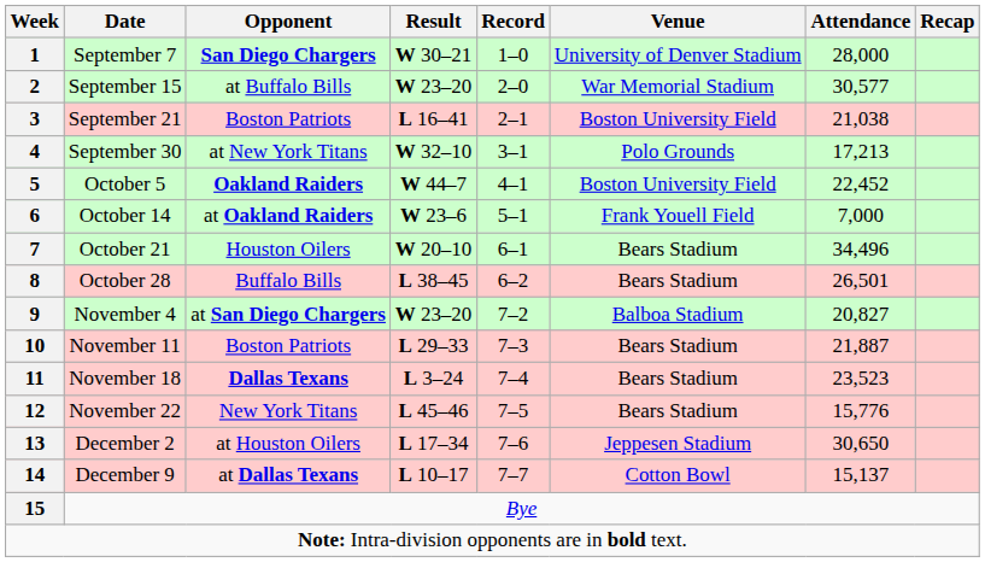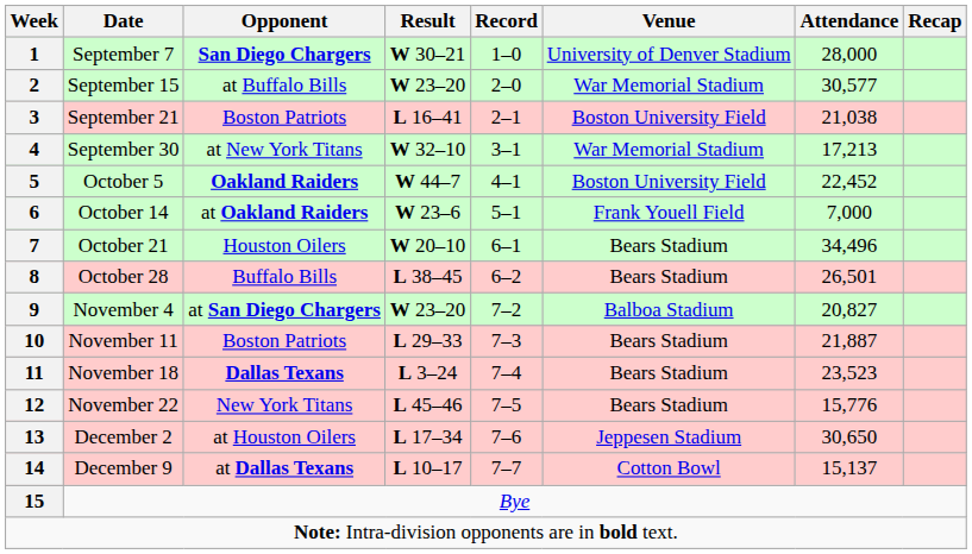 <table class="wikitable" style="text-align:center">
 <tr>
 <th>Week</th>
 <th>Date</th>
 <th>Opponent</th>
 <th>Result</th>
 <th>Record</th>
 <th>Venue</th>
 <th>Attendance</th>
 <th>Recap</th>
 </tr>
 <tr style="background: #cfc;">
 <th>1</th>
 <td>September 7</td>
 <td><strong><a href='#'>San Diego Chargers</a></strong></td>
 <td><strong>W</strong> 30–21</td>
 <td>1–0</td>
 <td><a href='#'>University of Denver Stadium</a></td>
 <td>28,000</td>
 <td></td>
 </tr>
 <tr style="background: #cfc;">
 <th>2</th>
 <td>September 15</td>
 <td>at <a href='#'>Buffalo Bills</a></td>
 <td><strong>W</strong> 23–20</td>
 <td>2–0</td>
 <td><a href='#'>War Memorial Stadium</a></td>
 <td>30,577</td>
 <td></td>
 </tr>
 <tr style="background: #fcc;">
 <th>3</th>
 <td>September 21</td>
 <td><a href='#'>Boston Patriots</a></td>
 <td><strong>L</strong> 16–41</td>
 <td>2–1</td>
 <td><a href='#'>Boston University Field</a></td>
 <td>21,038</td>
 <td></td>
 </tr>
 <tr style="background: #cfc;">
 <th>4</th>
 <td>September 30</td>
 <td>at <a href='#'>New York Titans</a></td>
 <td><strong>W</strong> 32–10</td>
 <td>3–1</td>
-<td><a href='#'>Polo Grounds</a></td>
+<td><a href='#'>War Memorial Stadium</a></td>
 <td>17,213</td>
 <td></td>
 </tr>
 <tr style="background: #cfc;">
 <th>5</th>
 <td>October 5</td>
 <td><strong><a href='#'>Oakland Raiders</a></strong></td>
 <td><strong>W</strong> 44–7</td>
 <td>4–1</td>
 <td><a href='#'>Boston University Field</a></td>
 <td>22,452</td>
 <td></td>
 </tr>
 <tr style="background: #cfc;">
 <th>6</th>
 <td>October 14</td>
 <td>at <strong><a href='#'>Oakland Raiders</a></strong></td>
 <td><strong>W</strong> 23–6</td>
 <td>5–1</td>
 <td><a href='#'>Frank Youell Field</a></td>
 <td>7,000</td>
 <td></td>
 </tr>
 <tr style="background: #cfc;">
 <th>7</th>
 <td>October 21</td>
 <td><a href='#'>Houston Oilers</a></td>
 <td><strong>W</strong> 20–10</td>
 <td>6–1</td>
 <td>Bears Stadium</td>
 <td>34,496</td>
 <td></td>
 </tr>
 <tr style="background: #fcc;">
 <th>8</th>
 <td>October 28</td>
 <td><a href='#'>Buffalo Bills</a></td>
 <td><strong>L</strong> 38–45</td>
 <td>6–2</td>
 <td>Bears Stadium</td>
 <td>26,501</td>
 <td></td>
 </tr>
 <tr style="background: #cfc;">
 <th>9</th>
 <td>November 4</td>
 <td>at <strong><a href='#'>San Diego Chargers</a></strong></td>
 <td><strong>W</strong> 23–20</td>
 <td>7–2</td>
 <td><a href='#'>Balboa Stadium</a></td>
 <td>20,827</td>
 <td></td>
 </tr>
 <tr style="background: #fcc;">
 <th>10</th>
 <td>November 11</td>
 <td><a href='#'>Boston Patriots</a></td>
 <td><strong>L</strong> 29–33</td>
 <td>7–3</td>
 <td>Bears Stadium</td>
 <td>21,887</td>
 <td></td>
 </tr>
 <tr style="background: #fcc;">
 <th>11</th>
 <td>November 18</td>
 <td><strong><a href='#'>Dallas Texans</a></strong></td>
 <td><strong>L</strong> 3–24</td>
 <td>7–4</td>
 <td>Bears Stadium</td>
 <td>23,523</td>
 <td></td>
 </tr>
 <tr style="background: #fcc;">
 <th>12</th>
 <td>November 22</td>
 <td><a href='#'>New York Titans</a></td>
 <td><strong>L</strong> 45–46</td>
 <td>7–5</td>
 <td>Bears Stadium</td>
 <td>15,776</td>
 <td></td>
 </tr>
 <tr style="background: #fcc;">
 <th>13</th>
 <td>December 2</td>
 <td>at <a href='#'>Houston Oilers</a></td>
 <td><strong>L</strong> 17–34</td>
 <td>7–6</td>
 <td><a href='#'>Jeppesen Stadium</a></td>
 <td>30,650</td>
 <td></td>
 </tr>
 <tr style="background: #fcc;">
 <th>14</th>
 <td>December 9</td>
 <td>at <strong><a href='#'>Dallas Texans</a></strong></td>
 <td><strong>L</strong> 10–17</td>
 <td>7–7</td>
 <td><a href='#'>Cotton Bowl</a></td>
 <td>15,137</td>
 <td></td>
 </tr>
 <tr>
 <th>15</th>
 <td align=center colspan=7><em><a href='#'>Bye</a></em></td>
 </tr>
 <tr>
 <td colspan="8"><strong>Note:</strong> Intra-division opponents are in <strong>bold</strong> text.</td>
 </tr>
 </table>
